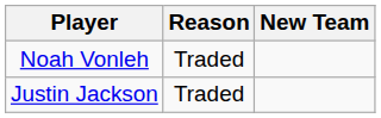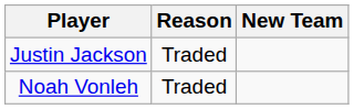 <table class="wikitable sortable sortable" style="text-align: center">
 <tr>
 <th>Player</th>
 <th>Reason</th>
 <th>New Team</th>
 </tr>
 <tr>
+<td><a href='#'>Justin Jackson</a></td>
+<td>Traded</td>
+<td></td>
+</tr>
+<tr>
 <td><a href='#'>Noah Vonleh</a></td>
 <td>Traded</td>
 <td></td>
 </tr>
-<tr>
-<td><a href='#'>Justin Jackson</a></td>
-<td>Traded</td>
-<td></td>
-</tr>
 </table>
